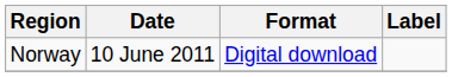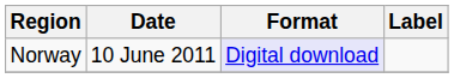 <table class=wikitable>
 <tr>
 <th>Region</th>
 <th>Date</th>
 <th>Format</th>
 <th>Label</th>
 </tr>
 <tr>
 <td>Norway</td>
 <td>10 June 2011</td>
-<td><a href='#'>Digital download</a></td>
+<td style="background: lavender;"><a href='#'>Digital download</a></td>
 <td></td>
 </tr>
 <tr>
 </tr>
 </table>
